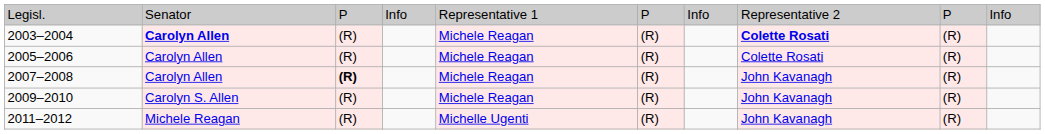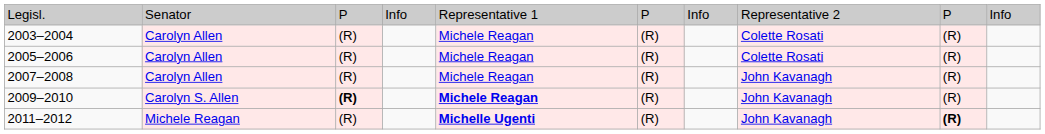 <table class=wikitable width="100%" border="1">
 <tr style="background-color:#cccccc;">
 <td>Legisl.</td>
 <td>Senator</td>
 <td>P</td>
 <td>Info</td>
 <td>Representative 1</td>
 <td>P</td>
 <td>Info</td>
 <td>Representative 2</td>
 <td>P</td>
 <td>Info</td>
 </tr>
 <tr>
 <td>2003–2004</td>
-<td style="background:#FFE8E8"><strong><a href='#'>Carolyn Allen</a></strong></td>
+<td style="background:#FFE8E8"><a href='#'>Carolyn Allen</a></td>
 <td style="background:#FFE8E8">(R)</td>
 <td></td>
 <td style="background:#FFE8E8"><a href='#'>Michele Reagan</a></td>
 <td style="background:#FFE8E8">(R)</td>
 <td></td>
-<td style="background:#FFE8E8"><strong><a href='#'>Colette Rosati</a></strong></td>
+<td style="background:#FFE8E8"><a href='#'>Colette Rosati</a></td>
 <td style="background:#FFE8E8">(R)</td>
 <td></td>
 </tr>
 <tr>
 <td>2005–2006</td>
 <td style="background:#FFE8E8"><a href='#'>Carolyn Allen</a></td>
 <td style="background:#FFE8E8">(R)</td>
 <td></td>
 <td style="background:#FFE8E8"><a href='#'>Michele Reagan</a></td>
 <td style="background:#FFE8E8">(R)</td>
 <td></td>
 <td style="background:#FFE8E8"><a href='#'>Colette Rosati</a></td>
 <td style="background:#FFE8E8">(R)</td>
 <td></td>
 </tr>
 <tr>
 <td>2007–2008</td>
 <td style="background:#FFE8E8"><a href='#'>Carolyn Allen</a></td>
-<td style="background:#FFE8E8"><strong>(R)</strong></td>
+<td style="background:#FFE8E8">(R)</td>
 <td></td>
 <td style="background:#FFE8E8"><a href='#'>Michele Reagan</a></td>
 <td style="background:#FFE8E8">(R)</td>
 <td></td>
 <td style="background:#FFE8E8"><a href='#'>John Kavanagh</a></td>
 <td style="background:#FFE8E8">(R)</td>
 <td></td>
 </tr>
 <tr>
 <td>2009–2010</td>
 <td style="background:#FFE8E8"><a href='#'>Carolyn S. Allen</a></td>
-<td style="background:#FFE8E8">(R)</td>
+<td style="background:#FFE8E8"><strong>(R)</strong></td>
 <td></td>
-<td style="background:#FFE8E8"><a href='#'>Michele Reagan</a></td>
+<td style="background:#FFE8E8"><strong><a href='#'>Michele Reagan</a></strong></td>
 <td style="background:#FFE8E8">(R)</td>
 <td></td>
 <td style="background:#FFE8E8"><a href='#'>John Kavanagh</a></td>
 <td style="background:#FFE8E8">(R)</td>
 <td></td>
 </tr>
 <tr>
 <td>2011–2012</td>
 <td style="background:#FFE8E8"><a href='#'>Michele Reagan</a></td>
 <td style="background:#FFE8E8">(R)</td>
 <td></td>
-<td style="background:#FFE8E8"><a href='#'>Michelle Ugenti</a></td>
+<td style="background:#FFE8E8"><strong><a href='#'>Michelle Ugenti</a></strong></td>
 <td style="background:#FFE8E8">(R)</td>
 <td></td>
 <td style="background:#FFE8E8"><a href='#'>John Kavanagh</a></td>
-<td style="background:#FFE8E8">(R)</td>
+<td style="background:#FFE8E8"><strong>(R)</strong></td>
 <td></td>
 </tr>
 </table>
